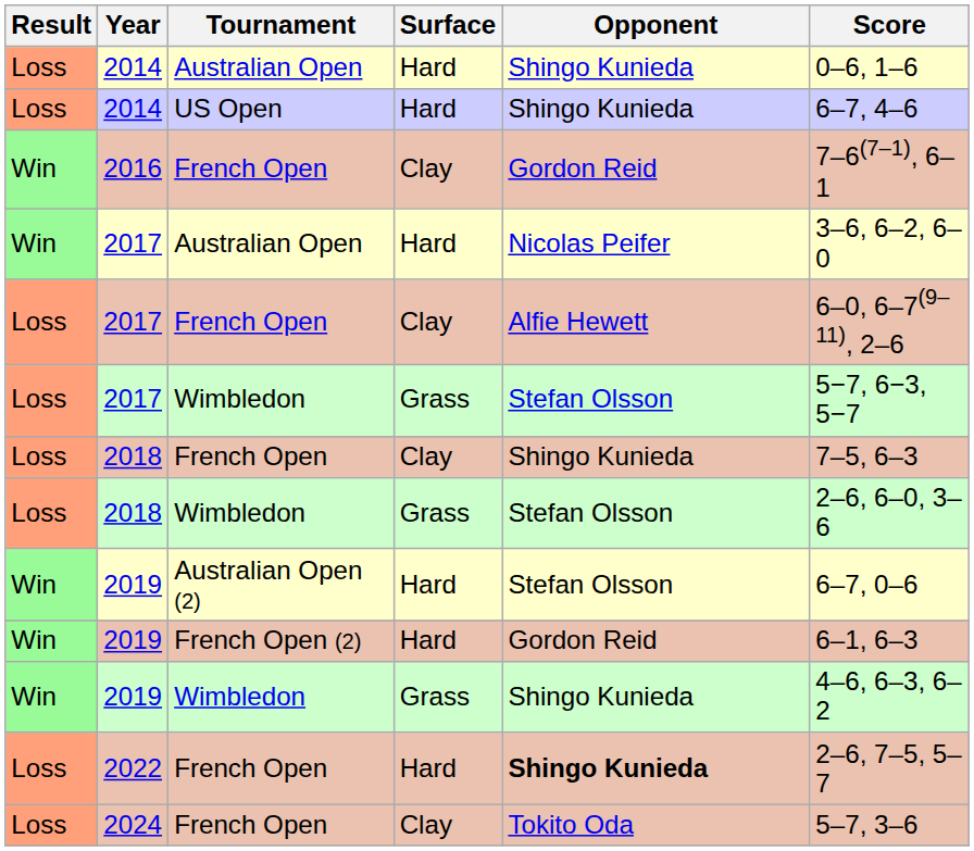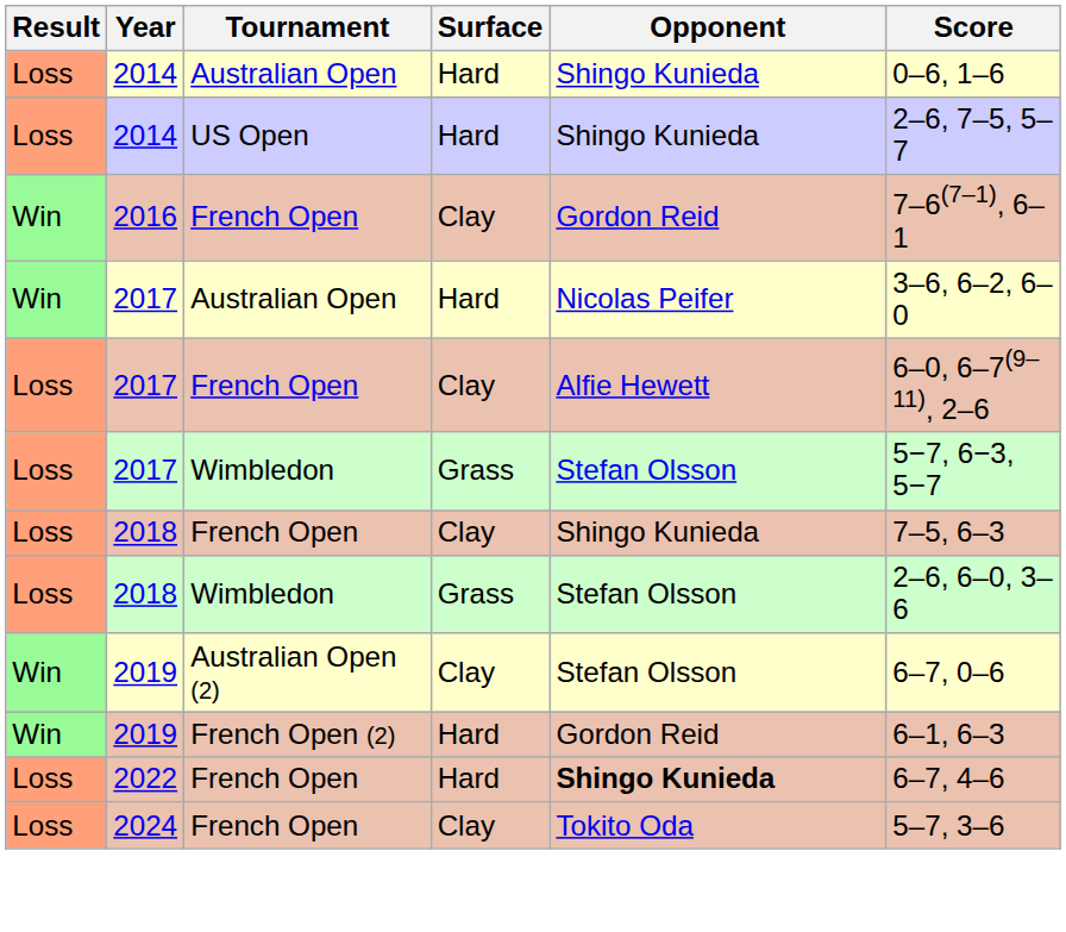 <table class="sortable wikitable">
 <tr>
 <th>Result</th>
 <th style="width:25px;">Year</th>
 <th style="width:130px;">Tournament</th>
 <th style="width:20px;">Surface</th>
 <th style="width:180px;">Opponent</th>
 <th style="width:90px;" class="unsortable">Score</th>
 </tr>
 <tr style="background:#ffc">
 <td style="background:#ffa07a;">Loss</td>
 <td><a href='#'>2014</a></td>
 <td><a href='#'>Australian Open</a></td>
 <td>Hard</td>
 <td>  <a href='#'>Shingo Kunieda</a></td>
 <td>0–6, 1–6</td>
 </tr>
 <tr style=background:#CCCCFF>
 <td style="background:#ffa07a;">Loss</td>
 <td><a href='#'>2014</a></td>
 <td>US Open</td>
 <td>Hard</td>
 <td> Shingo Kunieda</td>
-<td>6–7, 4–6</td>
+<td>2–6, 7–5, 5–7</td>
 </tr>
 <tr style="background:#ebc2af;">
 <td style="background:#98FB98">Win</td>
 <td><a href='#'>2016</a></td>
 <td><a href='#'>French Open</a></td>
 <td>Clay</td>
 <td> <a href='#'>Gordon Reid</a></td>
 <td>7–6<sup>(7–1)</sup>, 6–1</td>
 </tr>
 <tr style="background:#ffc">
 <td style="background:#98FB98">Win</td>
 <td><a href='#'>2017</a></td>
 <td>Australian Open</td>
 <td>Hard</td>
 <td> <a href='#'>Nicolas Peifer</a></td>
 <td>3–6, 6–2, 6–0</td>
 </tr>
 <tr style="background:#ebc2af;">
 <td style="background:#ffa07a;">Loss</td>
 <td><a href='#'>2017</a></td>
 <td><a href='#'>French Open</a></td>
 <td>Clay</td>
 <td> <a href='#'>Alfie Hewett</a></td>
 <td>6–0, 6–7<sup>(9–11)</sup>, 2–6</td>
 </tr>
 <tr style="background:#cfc;">
 <td style="background:#ffa07a;">Loss</td>
 <td><a href='#'>2017</a></td>
 <td>Wimbledon</td>
 <td>Grass</td>
 <td> <a href='#'>Stefan Olsson</a></td>
 <td>5−7, 6−3, 5−7</td>
 </tr>
 <tr style="background:#ebc2af;">
 <td style="background:#ffa07a;">Loss</td>
 <td><a href='#'>2018</a></td>
 <td>French Open</td>
 <td>Clay</td>
 <td> Shingo Kunieda</td>
 <td>7–5, 6–3</td>
 </tr>
 <tr style="background:#cfc;">
 <td style="background:#ffa07a;">Loss</td>
 <td><a href='#'>2018</a></td>
 <td>Wimbledon</td>
 <td>Grass</td>
 <td> Stefan Olsson</td>
 <td>2–6, 6–0, 3–6</td>
 </tr>
 <tr style="background:#ffc;">
 <td bgcolor=98FB98>Win</td>
 <td><a href='#'>2019</a></td>
 <td>Australian Open <small>(2)</small></td>
-<td>Hard</td>
+<td>Clay</td>
 <td> Stefan Olsson</td>
 <td>6–7, 0–6</td>
 </tr>
 <tr style="background:#ebc2af;">
 <td style="background:#98FB98">Win</td>
 <td><a href='#'>2019</a></td>
 <td>French Open <small>(2)</small></td>
 <td>Hard</td>
 <td> Gordon Reid</td>
 <td>6–1, 6–3</td>
 </tr>
-<tr style="background:#cfc;">
-<td style="background:#98FB98">Win</td>
-<td><a href='#'>2019</a></td>
-<td><a href='#'>Wimbledon</a></td>
-<td>Grass</td>
-<td> Shingo Kunieda</td>
-<td>4–6, 6–3, 6–2</td>
-</tr>
 <tr style="background:#ebc2af;">
 <td style="background:#ffa07a;">Loss</td>
 <td><a href='#'>2022</a></td>
 <td>French Open</td>
 <td>Hard</td>
 <td><strong> Shingo Kunieda</strong></td>
-<td>2–6, 7–5, 5–7</td>
+<td>6–7, 4–6</td>
 </tr>
 <tr style="background:#ebc2af;">
 <td style="background:#ffa07a;">Loss</td>
 <td><a href='#'>2024</a></td>
 <td>French Open</td>
 <td>Clay</td>
 <td> <a href='#'>Tokito Oda</a></td>
 <td>5–7, 3–6</td>
 </tr>
 </table>
